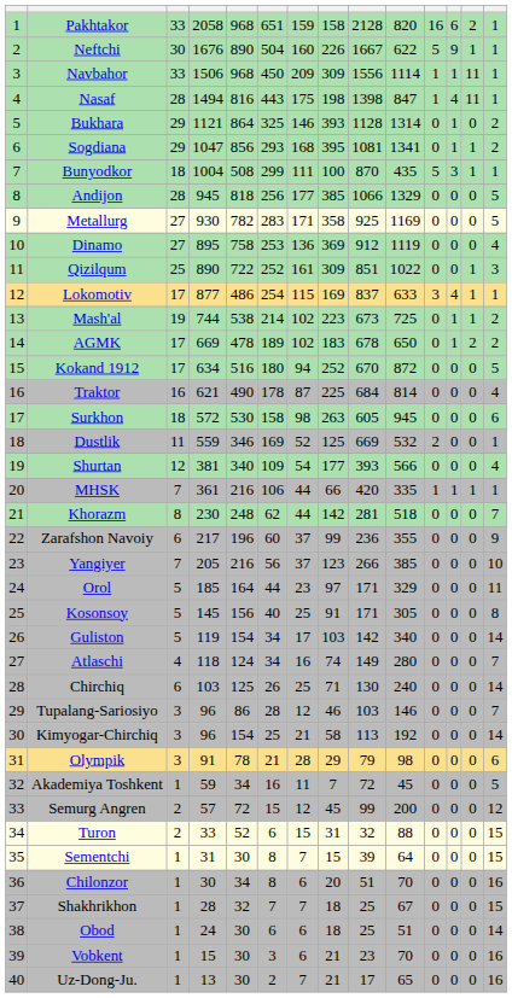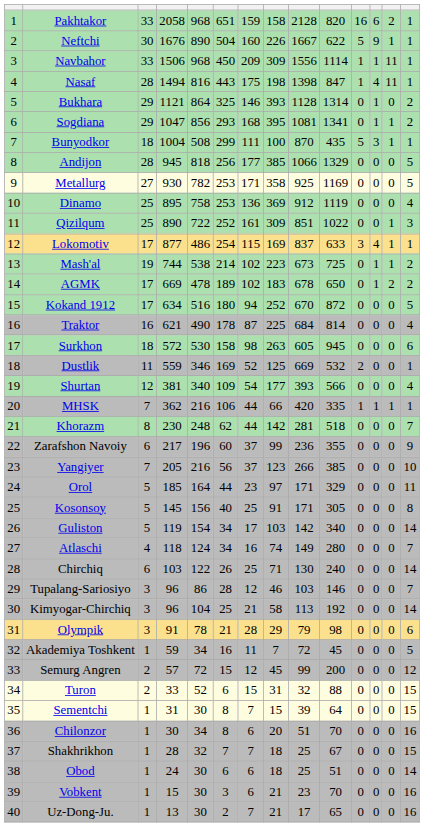 <table class="wikitable sortable" style="text-align:center; font-size:100%;">
 <tr>
 <th></th>
 <th></th>
 <th></th>
 <th></th>
 <th></th>
 <th></th>
 <th></th>
 <th></th>
 <th></th>
 <th></th>
 <th></th>
 <th></th>
 <th></th>
 <th></th>
 </tr>
 <tr align="center" bgcolor="#ACE1AF">
 <td>1</td>
 <td><a href='#'>Pakhtakor</a></td>
 <td>33</td>
 <td>2058</td>
 <td>968</td>
 <td>651</td>
 <td>159</td>
 <td>158</td>
 <td>2128</td>
 <td>820</td>
 <td>16</td>
 <td>6</td>
 <td>2</td>
 <td>1</td>
 </tr>
 <tr align="center" bgcolor="#ACE1AF">
 <td>2</td>
 <td><a href='#'>Neftchi</a></td>
 <td>30</td>
 <td>1676</td>
 <td>890</td>
 <td>504</td>
 <td>160</td>
 <td>226</td>
 <td>1667</td>
 <td>622</td>
 <td>5</td>
 <td>9</td>
 <td>1</td>
 <td>1</td>
 </tr>
 <tr align="center" bgcolor="#ACE1AF">
 <td>3</td>
 <td><a href='#'>Navbahor</a></td>
 <td>33</td>
 <td>1506</td>
 <td>968</td>
 <td>450</td>
 <td>209</td>
 <td>309</td>
 <td>1556</td>
 <td>1114</td>
 <td>1</td>
 <td>1</td>
 <td>11</td>
 <td>1</td>
 </tr>
 <tr align="center" bgcolor="#ACE1AF">
 <td>4</td>
 <td><a href='#'>Nasaf</a></td>
 <td>28</td>
 <td>1494</td>
 <td>816</td>
 <td>443</td>
 <td>175</td>
 <td>198</td>
 <td>1398</td>
 <td>847</td>
 <td>1</td>
 <td>4</td>
 <td>11</td>
 <td>1</td>
 </tr>
 <tr align="center" bgcolor="#ACE1AF">
 <td>5</td>
 <td><a href='#'>Bukhara</a></td>
 <td>29</td>
 <td>1121</td>
 <td>864</td>
 <td>325</td>
 <td>146</td>
 <td>393</td>
 <td>1128</td>
 <td>1314</td>
 <td>0</td>
 <td>1</td>
 <td>0</td>
 <td>2</td>
 </tr>
 <tr align="center" bgcolor="#ACE1AF">
 <td>6</td>
 <td><a href='#'>Sogdiana</a></td>
 <td>29</td>
 <td>1047</td>
 <td>856</td>
 <td>293</td>
 <td>168</td>
 <td>395</td>
 <td>1081</td>
 <td>1341</td>
 <td>0</td>
 <td>1</td>
 <td>1</td>
 <td>2</td>
 </tr>
 <tr align="center" bgcolor="#ACE1AF">
 <td>7</td>
 <td><a href='#'>Bunyodkor</a></td>
 <td>18</td>
 <td>1004</td>
 <td>508</td>
 <td>299</td>
 <td>111</td>
 <td>100</td>
 <td>870</td>
 <td>435</td>
 <td>5</td>
 <td>3</td>
 <td>1</td>
 <td>1</td>
 </tr>
 <tr align="center" bgcolor="#ACE1AF">
 <td>8</td>
 <td><a href='#'>Andijon</a></td>
 <td>28</td>
 <td>945</td>
 <td>818</td>
 <td>256</td>
 <td>177</td>
 <td>385</td>
 <td>1066</td>
 <td>1329</td>
 <td>0</td>
 <td>0</td>
 <td>0</td>
 <td>5</td>
 </tr>
 <tr align="center" bgcolor="#fffddf">
 <td>9</td>
 <td><a href='#'>Metallurg</a></td>
 <td>27</td>
 <td>930</td>
 <td>782</td>
-<td>283</td>
+<td>253</td>
 <td>171</td>
 <td>358</td>
 <td>925</td>
 <td>1169</td>
 <td>0</td>
 <td>0</td>
 <td>0</td>
 <td>5</td>
 </tr>
 <tr align="center" bgcolor="#ACE1AF">
 <td>10</td>
 <td><a href='#'>Dinamo</a></td>
-<td>27</td>
+<td>25</td>
 <td>895</td>
 <td>758</td>
 <td>253</td>
 <td>136</td>
 <td>369</td>
 <td>912</td>
 <td>1119</td>
 <td>0</td>
 <td>0</td>
 <td>0</td>
 <td>4</td>
 </tr>
 <tr align="center" bgcolor="#ACE1AF">
 <td>11</td>
 <td><a href='#'>Qizilqum</a></td>
 <td>25</td>
 <td>890</td>
 <td>722</td>
 <td>252</td>
 <td>161</td>
 <td>309</td>
 <td>851</td>
 <td>1022</td>
 <td>0</td>
 <td>0</td>
 <td>1</td>
 <td>3</td>
 </tr>
 <tr align="center" bgcolor="#FBE08D">
 <td>12</td>
 <td><a href='#'>Lokomotiv</a></td>
 <td>17</td>
 <td>877</td>
 <td>486</td>
 <td>254</td>
 <td>115</td>
 <td>169</td>
 <td>837</td>
 <td>633</td>
 <td>3</td>
 <td>4</td>
 <td>1</td>
 <td>1</td>
 </tr>
 <tr align="center" bgcolor="#ACE1AF">
 <td>13</td>
 <td><a href='#'>Mash'al</a></td>
 <td>19</td>
 <td>744</td>
 <td>538</td>
 <td>214</td>
 <td>102</td>
 <td>223</td>
 <td>673</td>
 <td>725</td>
 <td>0</td>
 <td>1</td>
 <td>1</td>
 <td>2</td>
 </tr>
 <tr align="center" bgcolor="#ACE1AF">
 <td>14</td>
 <td><a href='#'>AGMK</a></td>
 <td>17</td>
 <td>669</td>
 <td>478</td>
 <td>189</td>
 <td>102</td>
 <td>183</td>
 <td>678</td>
 <td>650</td>
 <td>0</td>
 <td>1</td>
 <td>2</td>
 <td>2</td>
 </tr>
 <tr align="center" bgcolor="#ACE1AF">
 <td>15</td>
 <td><a href='#'>Kokand 1912</a></td>
 <td>17</td>
 <td>634</td>
 <td>516</td>
 <td>180</td>
 <td>94</td>
 <td>252</td>
 <td>670</td>
 <td>872</td>
 <td>0</td>
 <td>0</td>
 <td>0</td>
 <td>5</td>
 </tr>
 <tr align="center" bgcolor="#BBBBBB">
 <td>16</td>
 <td><a href='#'>Traktor</a></td>
 <td>16</td>
 <td>621</td>
 <td>490</td>
 <td>178</td>
 <td>87</td>
 <td>225</td>
 <td>684</td>
 <td>814</td>
 <td>0</td>
 <td>0</td>
 <td>0</td>
 <td>4</td>
 </tr>
 <tr align="center" bgcolor="#ACE1AF">
 <td>17</td>
 <td><a href='#'>Surkhon</a></td>
 <td>18</td>
 <td>572</td>
 <td>530</td>
 <td>158</td>
 <td>98</td>
 <td>263</td>
 <td>605</td>
 <td>945</td>
 <td>0</td>
 <td>0</td>
 <td>0</td>
 <td>6</td>
 </tr>
 <tr align="center" bgcolor="#BBBBBB">
 <td>18</td>
 <td><a href='#'>Dustlik</a></td>
 <td>11</td>
 <td>559</td>
 <td>346</td>
 <td>169</td>
 <td>52</td>
 <td>125</td>
 <td>669</td>
 <td>532</td>
 <td>2</td>
 <td>0</td>
 <td>0</td>
 <td>1</td>
 </tr>
 <tr align="center" bgcolor="#ACE1AF">
 <td>19</td>
 <td><a href='#'>Shurtan</a></td>
 <td>12</td>
 <td>381</td>
 <td>340</td>
 <td>109</td>
 <td>54</td>
 <td>177</td>
 <td>393</td>
 <td>566</td>
 <td>0</td>
 <td>0</td>
 <td>0</td>
 <td>4</td>
 </tr>
 <tr align="center" bgcolor="#BBBBBB">
 <td>20</td>
 <td><a href='#'>MHSK</a></td>
 <td>7</td>
-<td>361</td>
+<td>362</td>
 <td>216</td>
 <td>106</td>
 <td>44</td>
 <td>66</td>
 <td>420</td>
 <td>335</td>
 <td>1</td>
 <td>1</td>
 <td>1</td>
 <td>1</td>
 </tr>
 <tr align="center" bgcolor="#ACE1AF">
 <td>21</td>
 <td><a href='#'>Khorazm</a></td>
 <td>8</td>
 <td>230</td>
 <td>248</td>
 <td>62</td>
 <td>44</td>
 <td>142</td>
 <td>281</td>
 <td>518</td>
 <td>0</td>
 <td>0</td>
 <td>0</td>
 <td>7</td>
 </tr>
 <tr align="center" bgcolor="#BBBBBB">
 <td>22</td>
 <td>Zarafshon Navoiy</td>
 <td>6</td>
 <td>217</td>
 <td>196</td>
 <td>60</td>
 <td>37</td>
 <td>99</td>
 <td>236</td>
 <td>355</td>
 <td>0</td>
 <td>0</td>
 <td>0</td>
 <td>9</td>
 </tr>
 <tr align="center" bgcolor="#BBBBBB">
 <td>23</td>
 <td><a href='#'>Yangiyer</a></td>
 <td>7</td>
 <td>205</td>
 <td>216</td>
 <td>56</td>
 <td>37</td>
 <td>123</td>
 <td>266</td>
 <td>385</td>
 <td>0</td>
 <td>0</td>
 <td>0</td>
 <td>10</td>
 </tr>
 <tr align="center" bgcolor="#BBBBBB">
 <td>24</td>
 <td><a href='#'>Orol</a></td>
 <td>5</td>
 <td>185</td>
 <td>164</td>
 <td>44</td>
 <td>23</td>
 <td>97</td>
 <td>171</td>
 <td>329</td>
 <td>0</td>
 <td>0</td>
 <td>0</td>
 <td>11</td>
 </tr>
 <tr align="center" bgcolor="#BBBBBB">
 <td>25</td>
 <td><a href='#'>Kosonsoy</a></td>
 <td>5</td>
 <td>145</td>
 <td>156</td>
 <td>40</td>
 <td>25</td>
 <td>91</td>
 <td>171</td>
 <td>305</td>
 <td>0</td>
 <td>0</td>
 <td>0</td>
 <td>8</td>
 </tr>
 <tr align="center" bgcolor="#BBBBBB">
 <td>26</td>
 <td><a href='#'>Guliston</a></td>
 <td>5</td>
 <td>119</td>
 <td>154</td>
 <td>34</td>
 <td>17</td>
 <td>103</td>
 <td>142</td>
 <td>340</td>
 <td>0</td>
 <td>0</td>
 <td>0</td>
 <td>14</td>
 </tr>
 <tr align="center" bgcolor="#BBBBBB">
 <td>27</td>
 <td><a href='#'>Atlaschi</a></td>
 <td>4</td>
 <td>118</td>
 <td>124</td>
 <td>34</td>
 <td>16</td>
 <td>74</td>
 <td>149</td>
 <td>280</td>
 <td>0</td>
 <td>0</td>
 <td>0</td>
 <td>7</td>
 </tr>
 <tr align="center" bgcolor="#BBBBBB">
 <td>28</td>
 <td>Chirchiq</td>
 <td>6</td>
 <td>103</td>
-<td>125</td>
+<td>122</td>
 <td>26</td>
 <td>25</td>
 <td>71</td>
 <td>130</td>
 <td>240</td>
 <td>0</td>
 <td>0</td>
 <td>0</td>
 <td>14</td>
 </tr>
 <tr align="center" bgcolor="#BBBBBB">
 <td>29</td>
 <td>Tupalang-Sariosiyo</td>
 <td>3</td>
 <td>96</td>
 <td>86</td>
 <td>28</td>
 <td>12</td>
 <td>46</td>
 <td>103</td>
 <td>146</td>
 <td>0</td>
 <td>0</td>
 <td>0</td>
 <td>7</td>
 </tr>
 <tr align="center" bgcolor="#BBBBBB">
 <td>30</td>
 <td>Kimyogar-Chirchiq</td>
 <td>3</td>
 <td>96</td>
-<td>154</td>
+<td>104</td>
 <td>25</td>
 <td>21</td>
 <td>58</td>
 <td>113</td>
 <td>192</td>
 <td>0</td>
 <td>0</td>
 <td>0</td>
 <td>14</td>
 </tr>
 <tr align="center" bgcolor="#FBE08D">
 <td>31</td>
 <td><a href='#'>Olympik</a></td>
 <td>3</td>
 <td>91</td>
 <td>78</td>
 <td>21</td>
 <td>28</td>
 <td>29</td>
 <td>79</td>
 <td>98</td>
 <td>0</td>
 <td>0</td>
 <td>0</td>
 <td>6</td>
 </tr>
 <tr align="center" bgcolor="#BBBBBB">
 <td>32</td>
 <td>Akademiya Toshkent</td>
 <td>1</td>
 <td>59</td>
 <td>34</td>
 <td>16</td>
 <td>11</td>
 <td>7</td>
 <td>72</td>
 <td>45</td>
 <td>0</td>
 <td>0</td>
 <td>0</td>
 <td>5</td>
 </tr>
 <tr align="center" bgcolor="#BBBBBB">
 <td>33</td>
 <td>Semurg Angren</td>
 <td>2</td>
 <td>57</td>
 <td>72</td>
 <td>15</td>
 <td>12</td>
 <td>45</td>
 <td>99</td>
 <td>200</td>
 <td>0</td>
 <td>0</td>
 <td>0</td>
 <td>12</td>
 </tr>
 <tr align="center" bgcolor="#fffddf">
 <td>34</td>
 <td><a href='#'>Turon</a></td>
 <td>2</td>
 <td>33</td>
 <td>52</td>
 <td>6</td>
 <td>15</td>
 <td>31</td>
 <td>32</td>
 <td>88</td>
 <td>0</td>
 <td>0</td>
 <td>0</td>
 <td>15</td>
 </tr>
 <tr align="center" bgcolor="#fffddf">
 <td>35</td>
 <td><a href='#'>Sementchi</a></td>
 <td>1</td>
 <td>31</td>
 <td>30</td>
 <td>8</td>
 <td>7</td>
 <td>15</td>
 <td>39</td>
 <td>64</td>
 <td>0</td>
 <td>0</td>
 <td>0</td>
 <td>15</td>
 </tr>
 <tr align="center" bgcolor="#BBBBBB">
 <td>36</td>
 <td><a href='#'>Chilonzor</a></td>
 <td>1</td>
 <td>30</td>
 <td>34</td>
 <td>8</td>
 <td>6</td>
 <td>20</td>
 <td>51</td>
 <td>70</td>
 <td>0</td>
 <td>0</td>
 <td>0</td>
 <td>16</td>
 </tr>
 <tr align="center" bgcolor="#BBBBBB">
 <td>37</td>
 <td>Shakhrikhon</td>
 <td>1</td>
 <td>28</td>
 <td>32</td>
 <td>7</td>
 <td>7</td>
 <td>18</td>
 <td>25</td>
 <td>67</td>
 <td>0</td>
 <td>0</td>
 <td>0</td>
 <td>15</td>
 </tr>
 <tr align="center" bgcolor="#BBBBBB">
 <td>38</td>
 <td><a href='#'>Obod</a></td>
 <td>1</td>
 <td>24</td>
 <td>30</td>
 <td>6</td>
 <td>6</td>
 <td>18</td>
 <td>25</td>
 <td>51</td>
 <td>0</td>
 <td>0</td>
 <td>0</td>
 <td>14</td>
 </tr>
 <tr align="center" bgcolor="#BBBBBB">
 <td>39</td>
 <td><a href='#'>Vobkent</a></td>
 <td>1</td>
 <td>15</td>
 <td>30</td>
 <td>3</td>
 <td>6</td>
 <td>21</td>
 <td>23</td>
 <td>70</td>
 <td>0</td>
 <td>0</td>
 <td>0</td>
 <td>16</td>
 </tr>
 <tr align="center" bgcolor="#BBBBBB">
 <td>40</td>
 <td>Uz-Dong-Ju.</td>
 <td>1</td>
 <td>13</td>
 <td>30</td>
 <td>2</td>
 <td>7</td>
 <td>21</td>
 <td>17</td>
 <td>65</td>
 <td>0</td>
 <td>0</td>
 <td>0</td>
 <td>16</td>
 </tr>
 </table>
